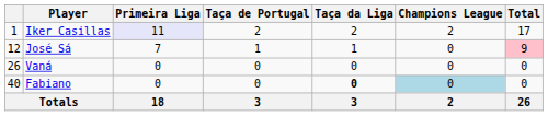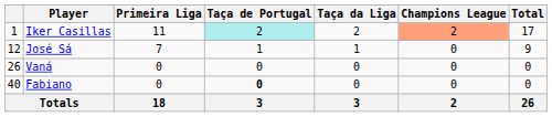 <table class="wikitable" style="text-align:center;">
 <tr>
 <th></th>
 <th>Player</th>
 <th>Primeira Liga</th>
 <th>Taça de Portugal</th>
 <th>Taça da Liga</th>
 <th>Champions League</th>
 <th>Total</th>
 </tr>
 <tr>
 <td>1</td>
 <td align=left> <a href='#'>Iker Casillas</a></td>
-<td style="background: lavender;">11</td>
+<td>11</td>
+<td style="background: paleturquoise;">2</td>
 <td>2</td>
-<td>2</td>
-<td>2</td>
+<td style="background: lightsalmon;">2</td>
 <td>17</td>
 </tr>
 <tr>
 <td>12</td>
 <td align=left> <a href='#'>José Sá</a></td>
 <td>7</td>
 <td>1</td>
 <td>1</td>
 <td>0</td>
-<td style="background: pink;">9</td>
+<td>9</td>
 </tr>
 <tr>
 <td>26</td>
 <td align=left> <a href='#'>Vaná</a></td>
 <td>0</td>
 <td>0</td>
 <td>0</td>
 <td>0</td>
 <td>0</td>
 </tr>
 <tr>
 <td>40</td>
 <td align=left> <a href='#'>Fabiano</a></td>
 <td>0</td>
+<td><strong>0</strong></td>
 <td>0</td>
-<td><strong>0</strong></td>
-<td style="background: lightblue;">0</td>
+<td>0</td>
 <td>0</td>
 </tr>
 <tr>
 <th colspan=2>Totals</th>
 <th>18</th>
 <th>3</th>
 <th>3</th>
 <th>2</th>
 <th>26</th>
 </tr>
 </table>
